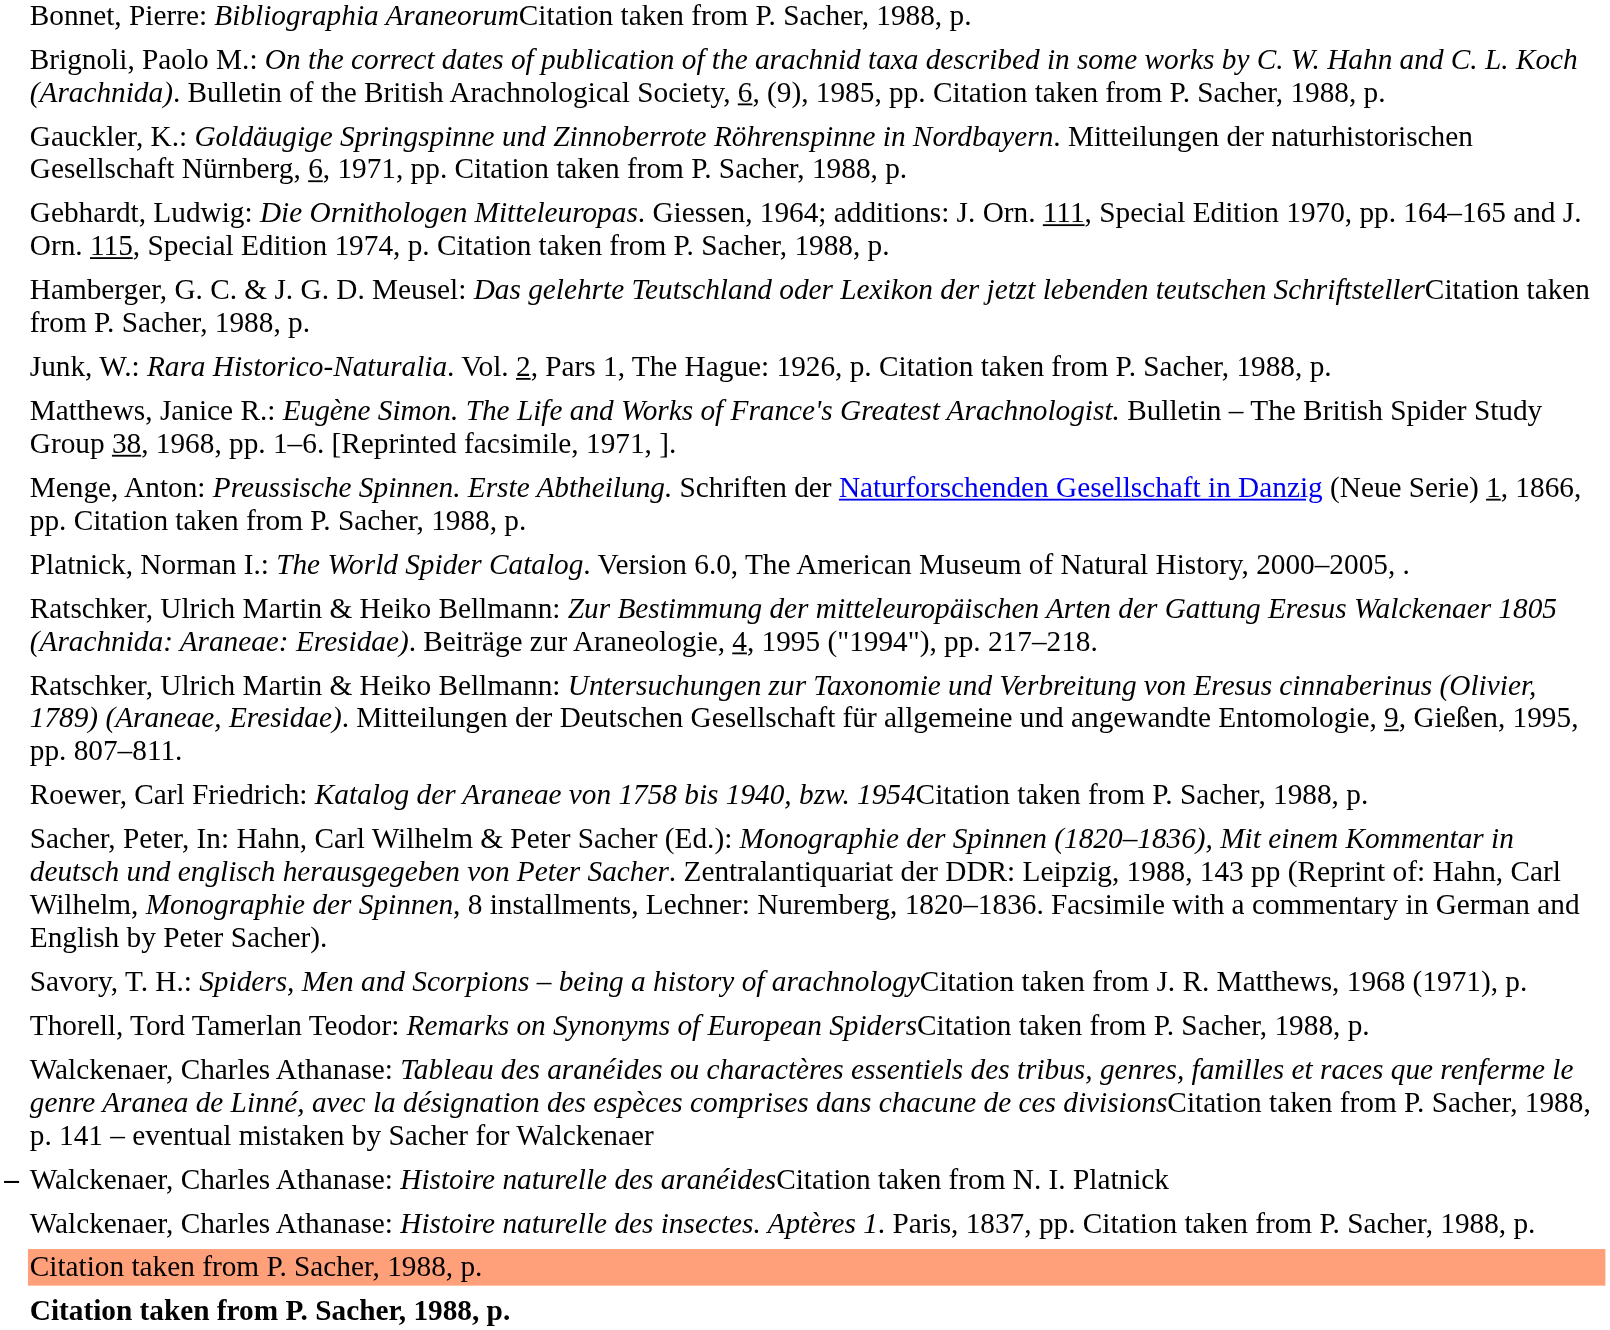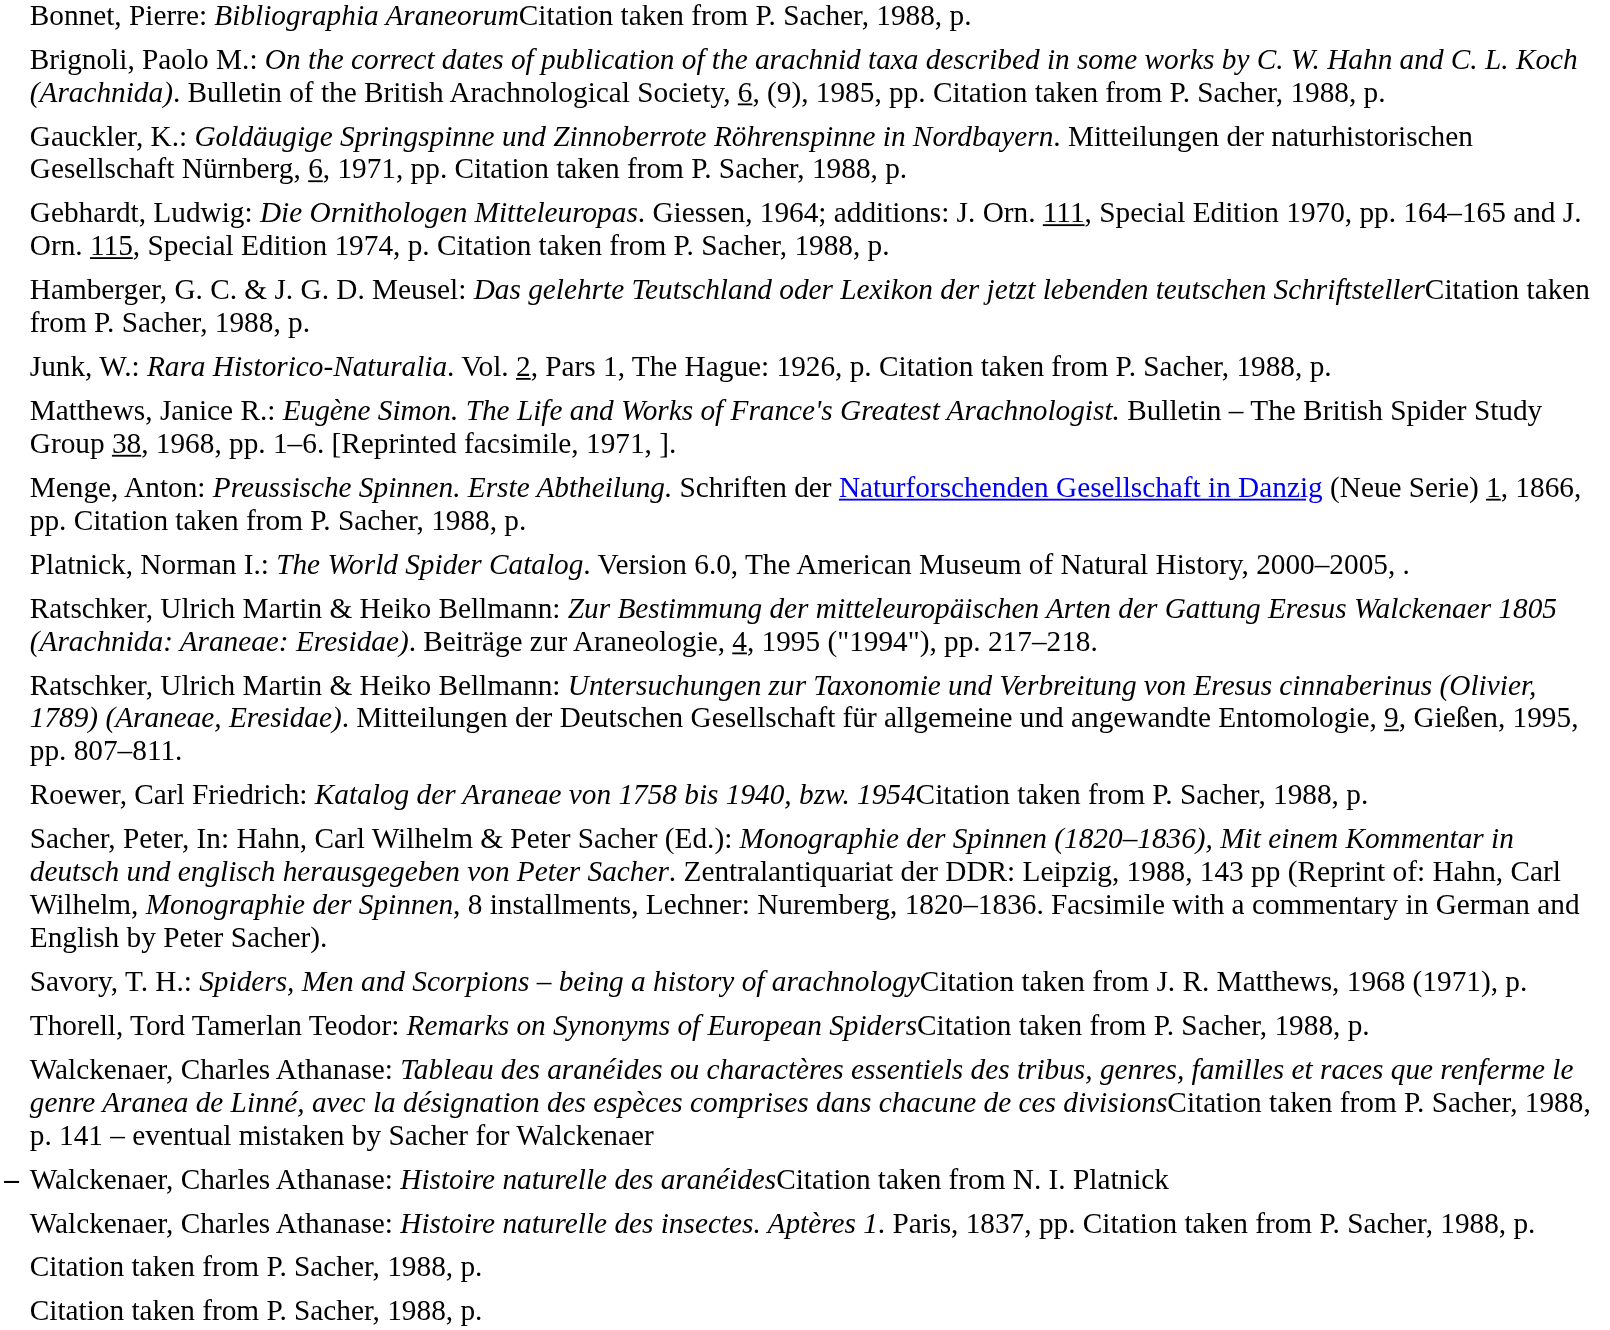 <table cellspacing=4 style="text-align:left;" style="vertical-align:top;">
 <tr>
 <th align=right valign=top></th>
 <td><span>Bonnet</span>, Pierre: <em>Bibliographia Araneorum</em>Citation taken from P. <span>Sacher</span>, 1988, p. </td>
 </tr>
 <tr>
 <th align=right valign=top></th>
 <td><span>Brignoli</span>, Paolo M.: <em>On the correct dates of publication of the arachnid taxa described in some works by C. W. Hahn and C. L. Koch (Arachnida)</em>. Bulletin of the British Arachnological Society, <u>6</u>, (9), 1985, pp. Citation taken from P. <span>Sacher</span>, 1988, p. </td>
 </tr>
 <tr>
 <th align=right valign=top></th>
 <td><span>Gauckler</span>, K.: <em>Goldäugige Springspinne und Zinnoberrote Röhrenspinne in Nordbayern</em>. Mitteilungen der naturhistorischen Gesellschaft Nürnberg, <u>6</u>, 1971, pp. Citation taken from P. <span>Sacher</span>, 1988, p. </td>
 </tr>
 <tr>
 <th align=right valign=top></th>
 <td><span>Gebhardt</span>, Ludwig: <em>Die Ornithologen Mitteleuropas</em>. Giessen, 1964; additions: J. Orn. <u>111</u>, Special Edition 1970, pp. 164–165 and J. Orn. <u>115</u>, Special Edition 1974, p. Citation taken from P. <span>Sacher</span>, 1988, p. </td>
 </tr>
 <tr>
 <th align=right valign=top></th>
 <td><span>Hamberger, G. C. & J. G. D. Meusel</span>: <em>Das gelehrte Teutschland oder Lexikon der jetzt lebenden teutschen Schriftsteller</em>Citation taken from P. <span>Sacher</span>, 1988, p. </td>
 </tr>
 <tr>
 <th align=right valign=top></th>
 <td><span>Junk</span>, W.: <em>Rara Historico-Naturalia</em>. Vol. <u>2</u>, Pars 1, The Hague: 1926, p. Citation taken from P. <span>Sacher</span>, 1988, p. </td>
 </tr>
 <tr>
 <th align=right valign=top></th>
 <td><span>Matthews</span>, Janice R.: <em>Eugène Simon. The Life and Works of France's Greatest Arachnologist.</em> Bulletin – The British Spider Study Group <u>38</u>, 1968, pp. 1–6. [Reprinted facsimile, 1971, ].</td>
 </tr>
 <tr>
 <th align=right valign=top></th>
 <td><span>Menge</span>, Anton: <em>Preussische Spinnen. Erste Abtheilung.</em> Schriften der <a href='#'>Naturforschenden Gesellschaft in Danzig</a> (Neue Serie) <u>1</u>, 1866, pp. Citation taken from P. <span>Sacher</span>, 1988, p. </td>
 </tr>
 <tr>
 <th align=right valign=top></th>
 <td><span>Platnick</span>, Norman I.: <em>The World Spider Catalog</em>. Version 6.0, The American Museum of Natural History, 2000–2005, .</td>
 </tr>
 <tr>
 <th align=right valign=top></th>
 <td><span>Ratschker</span>, Ulrich Martin & Heiko <span>Bellmann</span>: <em>Zur Bestimmung der mitteleuropäischen Arten der Gattung Eresus <span>Walckenaer</span> 1805 (Arachnida: Araneae: Eresidae)</em>. Beiträge zur Araneologie, <u>4</u>, 1995 ("1994"), pp. 217–218.</td>
 </tr>
 <tr>
 <th align=right valign=top></th>
 <td><span>Ratschker</span>, Ulrich Martin & Heiko <span>Bellmann</span>: <em>Untersuchungen zur Taxonomie und Verbreitung von Eresus cinnaberinus (<span>Olivier</span>, 1789) (Araneae, Eresidae)</em>. Mitteilungen der Deutschen Gesellschaft für allgemeine und angewandte Entomologie, <u>9</u>, Gießen, 1995, pp. 807–811.</td>
 </tr>
 <tr>
 <th align=right valign=top></th>
 <td><span>Roewer</span>, Carl Friedrich: <em>Katalog der Araneae von 1758 bis 1940, bzw. 1954</em>Citation taken from P. <span>Sacher</span>, 1988, p. </td>
 </tr>
 <tr>
 <th align=right valign=top></th>
 <td><span>Sacher</span>, Peter, In: <span>Hahn</span>, Carl Wilhelm & Peter <span>Sacher</span> (Ed.): <em>Monographie der Spinnen (1820–1836), Mit einem Kommentar in deutsch und englisch herausgegeben von Peter Sacher</em>. Zentralantiquariat der DDR: Leipzig, 1988, 143 pp (Reprint of: <span>Hahn</span>, Carl Wilhelm, <em>Monographie der Spinnen</em>, 8 installments, Lechner: Nuremberg, 1820–1836. Facsimile with a commentary in German and English by Peter Sacher).</td>
 </tr>
 <tr>
 <th align=right valign=top></th>
 <td><span>Savory</span>, T. H.: <em>Spiders, Men and Scorpions – being a history of arachnology</em>Citation taken from J. R. <span>Matthews</span>, 1968 (1971), p. </td>
 </tr>
 <tr>
 <th align=right valign=top></th>
 <td><span>Thorell</span>, Tord Tamerlan Teodor: <em>Remarks on Synonyms of European Spiders</em>Citation taken from P. <span>Sacher</span>, 1988, p. </td>
 </tr>
 <tr>
 <th align=right valign=top></th>
 <td><span>Walckenaer</span>, Charles Athanase: <em>Tableau des aranéides ou charactères essentiels des tribus, genres, familles et races que renferme le genre Aranea de Linné, avec la désignation des espèces comprises dans chacune de ces divisions</em>Citation taken from P. <span>Sacher</span>, 1988, p. 141 – eventual mistaken by <span>Sacher</span> for <span>Walckenaer</span></td>
 </tr>
 <tr>
 <th align=right valign=top>–</th>
 <td><span>Walckenaer</span>, Charles Athanase: <em>Histoire naturelle des aranéides</em>Citation taken from N. I. <span>Platnick</span></td>
 </tr>
 <tr>
 <th align=right valign=top></th>
 <td><span>Walckenaer</span>, Charles Athanase: <em>Histoire naturelle des insectes. Aptères 1</em>. Paris, 1837, pp. Citation taken from P. <span>Sacher</span>, 1988, p. </td>
 </tr>
 <tr>
 <th align=right valign=top></th>
-<td style="background: lightsalmon;">Citation taken from P. <span>Sacher</span>, 1988, p. </td>
+<td>Citation taken from P. <span>Sacher</span>, 1988, p. </td>
 </tr>
 <tr>
 <th align=right valign=top></th>
-<td><strong>Citation taken from P. <span>Sacher</span>, 1988, p. </strong></td>
+<td>Citation taken from P. <span>Sacher</span>, 1988, p. </td>
 </tr>
 </table>
